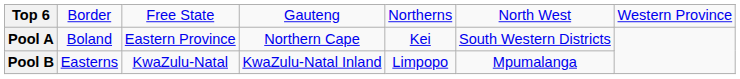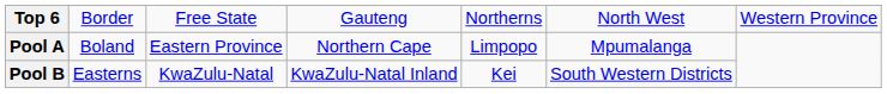 <table class="wikitable" style="text-align: center" style="font-size: 95%; border: 1px #aaaaaa solid; border-collapse: collapse; clear:center;">
 <tr>
 <th>Top 6</th>
 <td><a href='#'>Border</a></td>
 <td><a href='#'>Free State</a></td>
 <td><a href='#'>Gauteng</a></td>
 <td><a href='#'>Northerns</a></td>
 <td><a href='#'>North West</a></td>
 <td><a href='#'>Western Province</a></td>
 </tr>
 <tr>
 <th>Pool A</th>
 <td><a href='#'>Boland</a></td>
 <td><a href='#'>Eastern Province</a></td>
 <td><a href='#'>Northern Cape</a></td>
-<td><a href='#'>Kei</a></td>
-<td><a href='#'>South Western Districts</a></td>
+<td><a href='#'>Limpopo</a></td>
+<td><a href='#'>Mpumalanga</a></td>
 </tr>
 <tr>
 <th>Pool B</th>
 <td><a href='#'>Easterns</a></td>
 <td><a href='#'>KwaZulu-Natal</a></td>
 <td><a href='#'>KwaZulu-Natal Inland</a></td>
-<td><a href='#'>Limpopo</a></td>
-<td><a href='#'>Mpumalanga</a></td>
+<td><a href='#'>Kei</a></td>
+<td><a href='#'>South Western Districts</a></td>
 </tr>
 </table>
